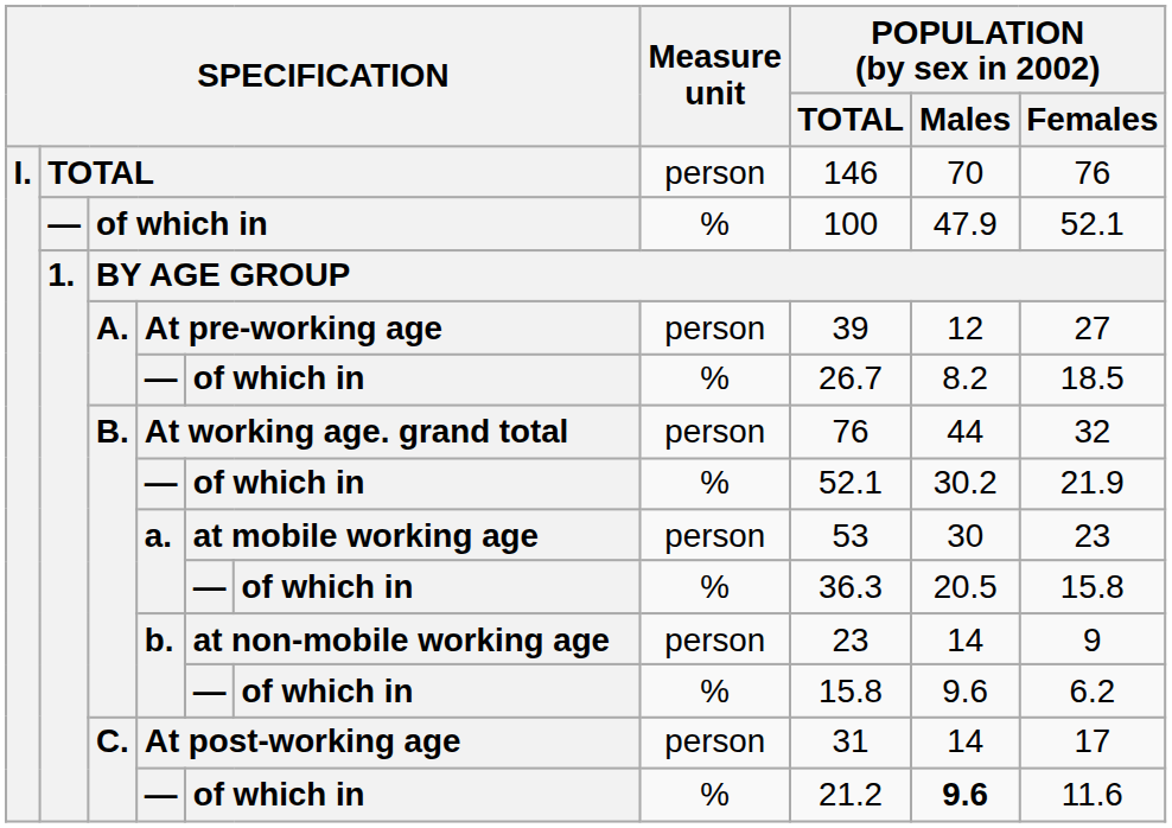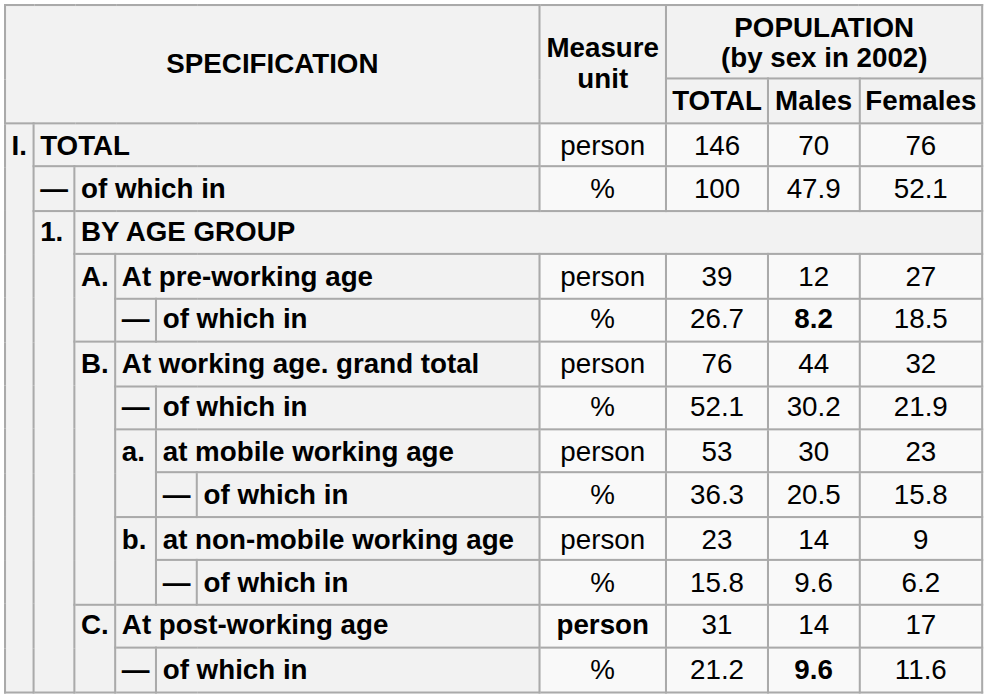 <table class="wikitable" style="font-size:85%; text-align:center">
 <tr>
 <th rowspan="2" colspan="6">SPECIFICATION</th>
 <th rowspan="2">Measure<br> unit</th>
 <th colspan="3" rowspan="1">POPULATION<br> (by sex in 2002)</th>
 </tr>
 <tr>
 <th>TOTAL</th>
 <th>Males</th>
 <th>Females</th>
 </tr>
 <tr>
 <th style="text-align:left" valign="top" rowspan="13">I.</th>
 <th style="text-align:left" colspan="5">TOTAL</th>
 <td>person</td>
 <td>146</td>
 <td>70</td>
 <td>76</td>
 </tr>
 <tr>
 <th style="text-align:left" valign="top">—</th>
 <th style="text-align:left" colspan="4">of which in</th>
 <td>%</td>
 <td>100</td>
 <td>47.9</td>
 <td>52.1</td>
 </tr>
 <tr>
 <th style="text-align:left" valign="top" rowspan="11">1.</th>
 <th style="text-align:left" colspan="19">BY AGE GROUP</th>
 </tr>
 <tr>
 <th style="text-align:left" valign="top" rowspan="2">A.</th>
 <th style="text-align:left" colspan="3">At pre-working age</th>
 <td>person</td>
 <td>39</td>
 <td>12</td>
 <td>27</td>
 </tr>
 <tr>
 <th style="text-align:left" valign="top">—</th>
 <th style="text-align:left" valign="top" colspan="2">of which in</th>
 <td>%</td>
 <td>26.7</td>
-<td>8.2</td>
+<td><strong>8.2</strong></td>
 <td>18.5</td>
 </tr>
 <tr>
 <th style="text-align:left" valign="top" rowspan="6">B.</th>
 <th style="text-align:left" colspan="3">At working age. grand total</th>
 <td>person</td>
 <td>76</td>
 <td>44</td>
 <td>32</td>
 </tr>
 <tr>
 <th style="text-align:left" valign="top">—</th>
 <th style="text-align:left" valign="top" colspan="2">of which in</th>
 <td>%</td>
 <td>52.1</td>
 <td>30.2</td>
 <td>21.9</td>
 </tr>
 <tr>
 <th style="text-align:left" valign="top" rowspan="2">a.</th>
 <th style="text-align:left" colspan="2">at mobile working age</th>
 <td>person</td>
 <td>53</td>
 <td>30</td>
 <td>23</td>
 </tr>
 <tr>
 <th style="text-align:left" valign="top">—</th>
 <th style="text-align:left" valign="top" colspan="1">of which in                        </th>
 <td>%</td>
 <td>36.3</td>
 <td>20.5</td>
 <td>15.8</td>
 </tr>
 <tr>
 <th style="text-align:left" valign="top" rowspan="2">b.</th>
 <th style="text-align:left" colspan="2">at non-mobile working age</th>
 <td>person</td>
 <td>23</td>
 <td>14</td>
 <td>9</td>
 </tr>
 <tr>
 <th style="text-align:left" valign="top">—</th>
 <th style="text-align:left" valign="top" colspan="1">of which in                        </th>
 <td>%</td>
 <td>15.8</td>
 <td>9.6</td>
 <td>6.2</td>
 </tr>
 <tr>
 <th style="text-align:left" valign="top" rowspan="2">C.</th>
 <th style="text-align:left" colspan="3">At post-working age</th>
-<td>person</td>
+<td><strong>person</strong></td>
 <td>31</td>
 <td>14</td>
 <td>17</td>
 </tr>
 <tr>
 <th style="text-align:left" valign="top">—</th>
 <th style="text-align:left" valign="top" colspan="2">of which in</th>
 <td>%</td>
 <td>21.2</td>
 <td><strong>9.6</strong></td>
 <td>11.6</td>
 </tr>
 </table>
